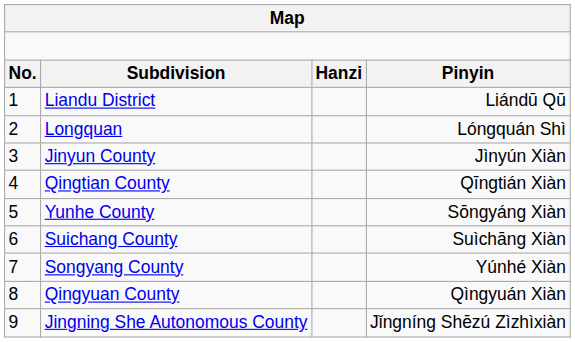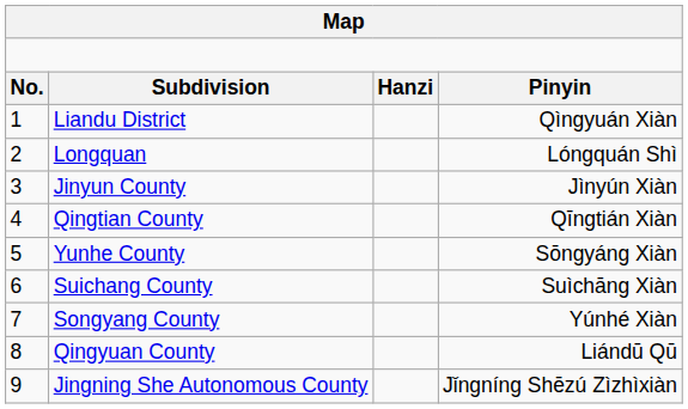 <table class="wikitable" style="font-size:100%;">
 <tr>
 <th colspan="4">Map</th>
 </tr>
 <tr>
 <td colspan="4" align="center"><div><br>            </div></td>
 </tr>
 <tr>
 <th align=left>No.</th>
 <th align=left>Subdivision</th>
 <th align=left>Hanzi</th>
 <th align=left>Pinyin</th>
 </tr>
 <tr>
 <td align=left>1</td>
 <td align=left><a href='#'>Liandu District</a></td>
 <td align=left></td>
-<td align=right>Liándū Qū</td>
+<td align=right>Qìngyuán Xiàn</td>
 </tr>
 <tr>
 <td align=left>2</td>
 <td align=left><a href='#'>Longquan</a></td>
 <td align=left></td>
 <td align=right>Lóngquán Shì</td>
 </tr>
 <tr>
 <td align=left>3</td>
 <td align=left><a href='#'>Jinyun County</a></td>
 <td align=left></td>
 <td align=right>Jìnyún Xiàn</td>
 </tr>
 <tr>
 <td align=left>4</td>
 <td align=left><a href='#'>Qingtian County</a></td>
 <td align=left></td>
 <td align=right>Qīngtián Xiàn</td>
 </tr>
 <tr>
 <td align=left>5</td>
 <td align=left><a href='#'>Yunhe County</a></td>
 <td align=left></td>
 <td align=right>Sōngyáng Xiàn</td>
 </tr>
 <tr>
 <td align=left>6</td>
 <td align=left><a href='#'>Suichang County</a></td>
 <td align=left></td>
 <td align=right>Suìchāng Xiàn</td>
 </tr>
 <tr>
 <td align=left>7</td>
 <td align=left><a href='#'>Songyang County</a></td>
 <td align=left></td>
 <td align=right>Yúnhé Xiàn</td>
 </tr>
 <tr>
 <td align=left>8</td>
 <td align=left><a href='#'>Qingyuan County</a></td>
 <td align=left></td>
-<td align=right>Qìngyuán Xiàn</td>
+<td align=right>Liándū Qū</td>
 </tr>
 <tr>
 <td align=left>9</td>
 <td align=left><a href='#'>Jingning She Autonomous County</a></td>
 <td align=left></td>
 <td align=right>Jǐngníng Shēzú Zìzhìxiàn</td>
 </tr>
 </table>
